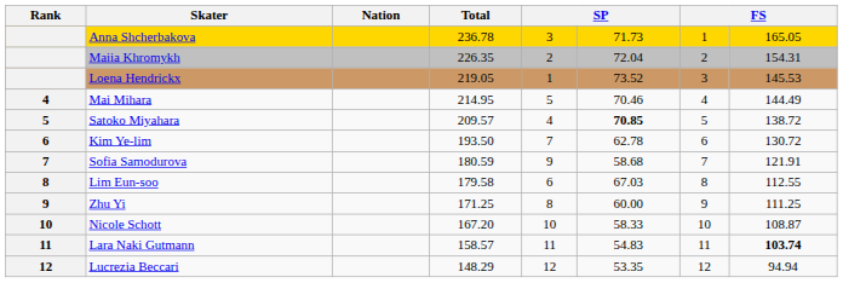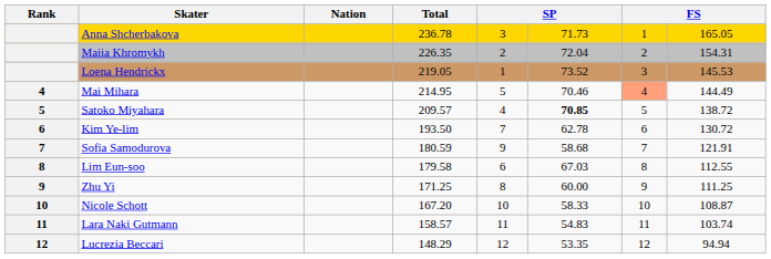 <table class="wikitable sortable" style="text-align:left; width:80%">
 <tr>
 <th scope="col">Rank</th>
 <th scope="col">Skater</th>
 <th scope="col">Nation</th>
 <th scope="col">Total</th>
 <th scope="col" colspan="2" width="80px"><a href='#'>SP</a></th>
 <th scope="col" colspan="2" width="80px"><a href='#'>FS</a></th>
 </tr>
 <tr bgcolor="gold">
 <th scope="row"></th>
 <td><a href='#'>Anna Shcherbakova</a></td>
 <td></td>
 <td align="center">236.78</td>
 <td align="center">3</td>
 <td align="center">71.73</td>
 <td align="center">1</td>
 <td align="center">165.05</td>
 </tr>
 <tr bgcolor="silver">
 <th scope="row"></th>
 <td><a href='#'>Maiia Khromykh</a></td>
 <td></td>
 <td align="center">226.35</td>
 <td align="center">2</td>
 <td align="center">72.04</td>
 <td align="center">2</td>
 <td align="center">154.31</td>
 </tr>
 <tr bgcolor="cc9966">
 <th scope="row"></th>
 <td><a href='#'>Loena Hendrickx</a></td>
 <td></td>
 <td align="center">219.05</td>
 <td align="center">1</td>
 <td align="center">73.52</td>
 <td align="center">3</td>
 <td align="center">145.53</td>
 </tr>
 <tr>
 <th scope="row">4</th>
 <td><a href='#'>Mai Mihara</a></td>
 <td></td>
 <td align="center">214.95</td>
 <td align="center">5</td>
 <td align="center">70.46</td>
-<td align="center">4</td>
+<td align="center" style="background: lightsalmon;">4</td>
 <td align="center">144.49</td>
 </tr>
 <tr>
 <th scope="row">5</th>
 <td><a href='#'>Satoko Miyahara</a></td>
 <td></td>
 <td align="center">209.57</td>
 <td align="center">4</td>
 <td align="center"><strong>70.85</strong></td>
 <td align="center">5</td>
 <td align="center">138.72</td>
 </tr>
 <tr>
 <th scope="row">6</th>
 <td><a href='#'>Kim Ye-lim</a></td>
 <td></td>
 <td align="center">193.50</td>
 <td align="center">7</td>
 <td align="center">62.78</td>
 <td align="center">6</td>
 <td align="center">130.72</td>
 </tr>
 <tr>
 <th scope="row">7</th>
 <td><a href='#'>Sofia Samodurova</a></td>
 <td></td>
 <td align="center">180.59</td>
 <td align="center">9</td>
 <td align="center">58.68</td>
 <td align="center">7</td>
 <td align="center">121.91</td>
 </tr>
 <tr>
 <th scope="row">8</th>
 <td><a href='#'>Lim Eun-soo</a></td>
 <td></td>
 <td align="center">179.58</td>
 <td align="center">6</td>
 <td align="center">67.03</td>
 <td align="center">8</td>
 <td align="center">112.55</td>
 </tr>
 <tr>
 <th scope="row">9</th>
 <td><a href='#'>Zhu Yi</a></td>
 <td></td>
 <td align="center">171.25</td>
 <td align="center">8</td>
 <td align="center">60.00</td>
 <td align="center">9</td>
 <td align="center">111.25</td>
 </tr>
 <tr>
 <th scope="row">10</th>
 <td><a href='#'>Nicole Schott</a></td>
 <td></td>
 <td align="center">167.20</td>
 <td align="center">10</td>
 <td align="center">58.33</td>
 <td align="center">10</td>
 <td align="center">108.87</td>
 </tr>
 <tr>
 <th scope="row">11</th>
 <td><a href='#'>Lara Naki Gutmann</a></td>
 <td></td>
 <td align="center">158.57</td>
 <td align="center">11</td>
 <td align="center">54.83</td>
 <td align="center">11</td>
-<td align="center"><strong>103.74</strong></td>
+<td align="center">103.74</td>
 </tr>
 <tr>
 <th scope="row">12</th>
 <td><a href='#'>Lucrezia Beccari</a></td>
 <td></td>
 <td align="center">148.29</td>
 <td align="center">12</td>
 <td align="center">53.35</td>
 <td align="center">12</td>
 <td align="center">94.94</td>
 </tr>
 </table>
